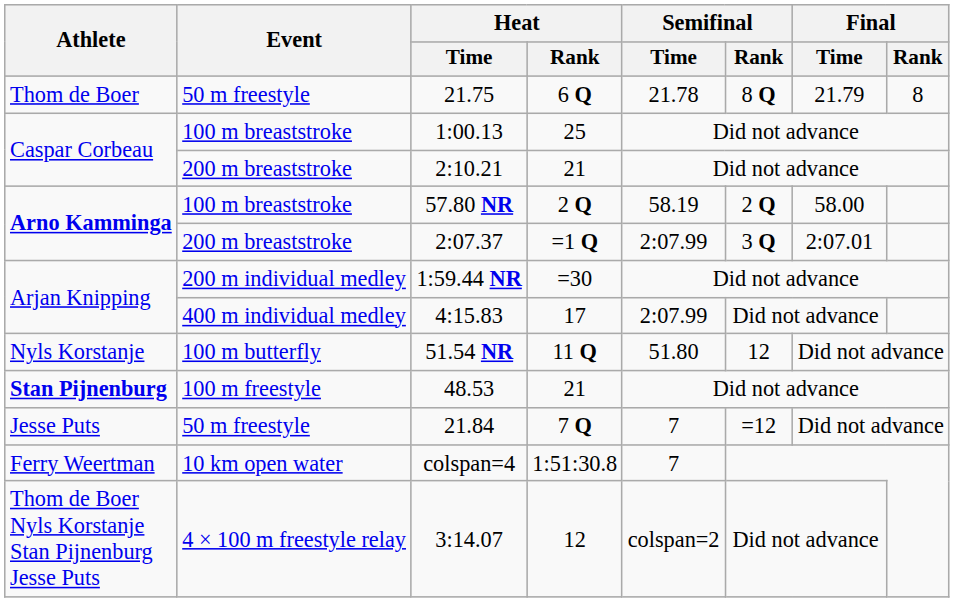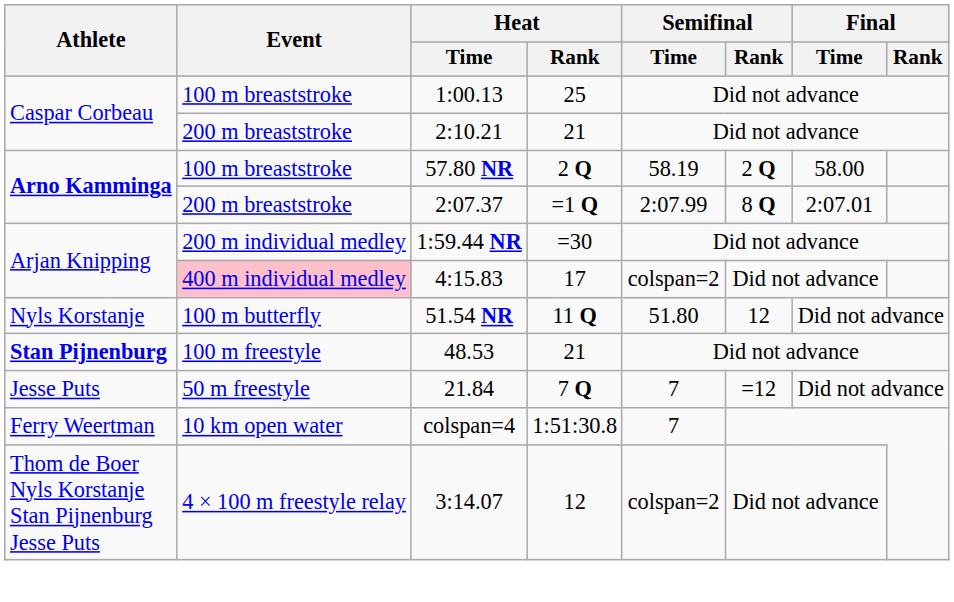 <table class=wikitable style="font-size:90%">
 <tr>
 <th rowspan="2">Athlete</th>
 <th rowspan="2">Event</th>
 <th colspan="2">Heat</th>
 <th colspan="2">Semifinal</th>
 <th colspan="2">Final</th>
 </tr>
 <tr style="font-size:95%">
 <th>Time</th>
 <th>Rank</th>
 <th>Time</th>
 <th>Rank</th>
 <th>Time</th>
 <th>Rank</th>
-</tr>
-<tr align=center>
-<td align=left><a href='#'>Thom de Boer</a></td>
-<td align=left><a href='#'>50 m freestyle</a></td>
-<td>21.75</td>
-<td>6 <strong>Q</strong></td>
-<td>21.78</td>
-<td>8 <strong>Q</strong></td>
-<td>21.79</td>
-<td>8</td>
 </tr>
 <tr align=center>
 <td align=left rowspan=2><a href='#'>Caspar Corbeau</a></td>
 <td align=left><a href='#'>100 m breaststroke</a></td>
 <td>1:00.13</td>
 <td>25</td>
 <td colspan="4">Did not advance</td>
 </tr>
 <tr align=center>
 <td align=left><a href='#'>200 m breaststroke</a></td>
 <td>2:10.21</td>
 <td>21</td>
 <td colspan="4">Did not advance</td>
 </tr>
 <tr align=center>
 <td align=left rowspan=2><strong><a href='#'>Arno Kamminga</a></strong></td>
 <td align=left><a href='#'>100 m breaststroke</a></td>
 <td>57.80 <strong><a href='#'>NR</a></strong></td>
 <td>2 <strong>Q</strong></td>
 <td>58.19</td>
 <td>2 <strong>Q</strong></td>
 <td>58.00</td>
 <td></td>
 </tr>
 <tr align=center>
 <td align=left><a href='#'>200 m breaststroke</a></td>
 <td>2:07.37</td>
 <td>=1 <strong>Q</strong></td>
 <td>2:07.99</td>
-<td>3 <strong>Q</strong></td>
+<td>8 <strong>Q</strong></td>
 <td>2:07.01</td>
 <td></td>
 </tr>
 <tr align=center>
 <td align=left rowspan=2><a href='#'>Arjan Knipping</a></td>
 <td align=left><a href='#'>200 m individual medley</a></td>
 <td>1:59.44 <strong><a href='#'>NR</a></strong></td>
 <td>=30</td>
 <td colspan="4">Did not advance</td>
 </tr>
 <tr align=center>
-<td align=left><a href='#'>400 m individual medley</a></td>
+<td align=left style="background: pink;"><a href='#'>400 m individual medley</a></td>
 <td>4:15.83</td>
 <td>17</td>
-<td>2:07.99</td>
+<td>colspan=2 </td>
 <td colspan="2">Did not advance</td>
 </tr>
 <tr align=center>
 <td align=left><a href='#'>Nyls Korstanje</a></td>
 <td align=left><a href='#'>100 m butterfly</a></td>
 <td>51.54 <strong><a href='#'>NR</a></strong></td>
 <td>11 <strong>Q</strong></td>
 <td>51.80</td>
 <td>12</td>
 <td colspan="2">Did not advance</td>
 </tr>
 <tr align=center>
 <td align=left><strong><a href='#'>Stan Pijnenburg</a></strong></td>
 <td align=left><a href='#'>100 m freestyle</a></td>
 <td>48.53</td>
 <td>21</td>
 <td colspan="4">Did not advance</td>
 </tr>
 <tr align=center>
 <td align=left><a href='#'>Jesse Puts</a></td>
 <td align=left><a href='#'>50 m freestyle</a></td>
 <td>21.84</td>
 <td>7 <strong>Q</strong></td>
 <td>7</td>
 <td>=12</td>
 <td colspan="2">Did not advance</td>
 </tr>
 <tr align=center>
 <td align=left><a href='#'>Ferry Weertman</a></td>
 <td align=left><a href='#'>10 km open water</a></td>
 <td>colspan=4 </td>
 <td>1:51:30.8</td>
 <td>7</td>
 </tr>
 <tr align=center>
 <td align=left><a href='#'>Thom de Boer</a><br><a href='#'>Nyls Korstanje</a><br><a href='#'>Stan Pijnenburg</a><br><a href='#'>Jesse Puts</a></td>
 <td align=left><a href='#'>4 × 100 m freestyle relay</a></td>
 <td>3:14.07</td>
 <td>12</td>
 <td>colspan=2 </td>
 <td colspan="2">Did not advance</td>
 </tr>
 </table>
